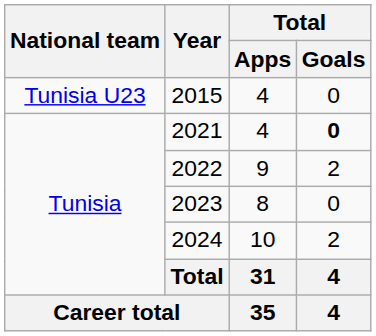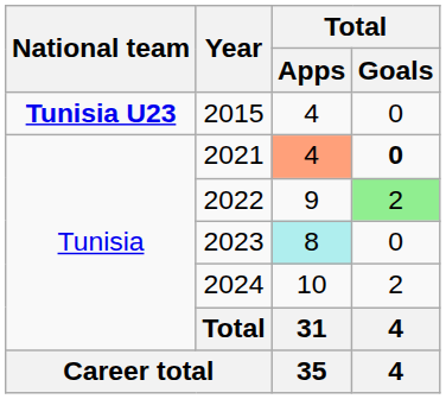 <table class="wikitable" style="text-align: center;">
 <tr>
 <th rowspan=2>National team</th>
 <th rowspan=2>Year</th>
 <th colspan=2>Total</th>
 </tr>
 <tr>
 <th>Apps</th>
 <th>Goals</th>
 </tr>
 <tr>
-<td><a href='#'>Tunisia U23</a></td>
+<td><strong><a href='#'>Tunisia U23</a></strong></td>
 <td>2015</td>
 <td>4</td>
 <td>0</td>
 </tr>
 <tr>
 <td rowspan=5><a href='#'>Tunisia</a></td>
 <td>2021</td>
-<td>4</td>
+<td style="background: lightsalmon;">4</td>
 <td><strong>0</strong></td>
 </tr>
 <tr>
 <td>2022</td>
 <td>9</td>
-<td>2</td>
+<td style="background: lightgreen;">2</td>
 </tr>
 <tr>
 <td>2023</td>
-<td>8</td>
+<td style="background: paleturquoise;">8</td>
 <td>0</td>
 </tr>
 <tr>
 <td>2024</td>
 <td>10</td>
 <td>2</td>
 </tr>
 <tr>
 <th>Total</th>
 <th>31</th>
 <th>4</th>
 </tr>
 <tr>
 <th colspan=2>Career total</th>
 <th>35</th>
 <th>4</th>
 </tr>
 </table>
